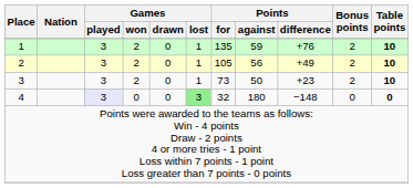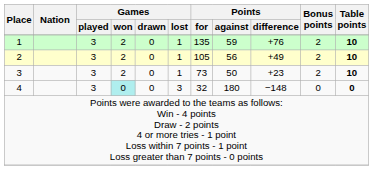 <table class="wikitable">
 <tr>
 <th rowspan=2 width="6%">Place</th>
 <th rowspan=2 width="23%">Nation</th>
 <th colspan=4 width="40%">Games</th>
 <th colspan=3 width="24%">Points</th>
 <th rowspan=2 width="8%">Bonus<br>points</th>
 <th rowspan=2 width="10%">Table<br>points</th>
 </tr>
 <tr>
 <th width="8%">played</th>
 <th width="8%">won</th>
 <th width="8%">drawn</th>
 <th width="8%">lost</th>
 <th width="8%">for</th>
 <th width="8%">against</th>
 <th width="8%">difference</th>
 </tr>
 <tr>
 </tr>
 <tr align=center bgcolor="#ccffcc">
 <td>1</td>
 <td align=left></td>
 <td>3</td>
 <td>2</td>
 <td>0</td>
 <td>1</td>
 <td>135</td>
 <td>59</td>
 <td>+76</td>
 <td>2</td>
 <td><strong>10</strong></td>
 </tr>
 <tr align=center bgcolor="#ffffcc">
 <td>2</td>
 <td align=left></td>
 <td>3</td>
 <td>2</td>
 <td>0</td>
 <td>1</td>
 <td>105</td>
 <td>56</td>
 <td>+49</td>
 <td>2</td>
 <td><strong>10</strong></td>
 </tr>
 <tr align=center>
 <td>3</td>
 <td align=left></td>
 <td>3</td>
 <td>2</td>
 <td>0</td>
 <td>1</td>
 <td>73</td>
 <td>50</td>
 <td>+23</td>
 <td>2</td>
 <td><strong>10</strong></td>
 </tr>
 <tr align=center>
 <td>4</td>
 <td align=left></td>
-<td style="background: lavender;">3</td>
+<td>3</td>
+<td style="background: paleturquoise;">0</td>
 <td>0</td>
-<td>0</td>
-<td style="background: lightgreen;">3</td>
+<td>3</td>
 <td>32</td>
 <td>180</td>
 <td>−148</td>
 <td>0</td>
 <td><strong>0</strong></td>
 </tr>
 <tr>
 <td colspan="100%" style="text-align:center;">Points were awarded to the teams as follows:<br>Win - 4 points<br>Draw - 2 points<br> 4 or more tries - 1 point<br> Loss within 7 points - 1 point<br>Loss greater than 7 points - 0 points</td>
 </tr>
 <tr>
 </tr>
 </table>
